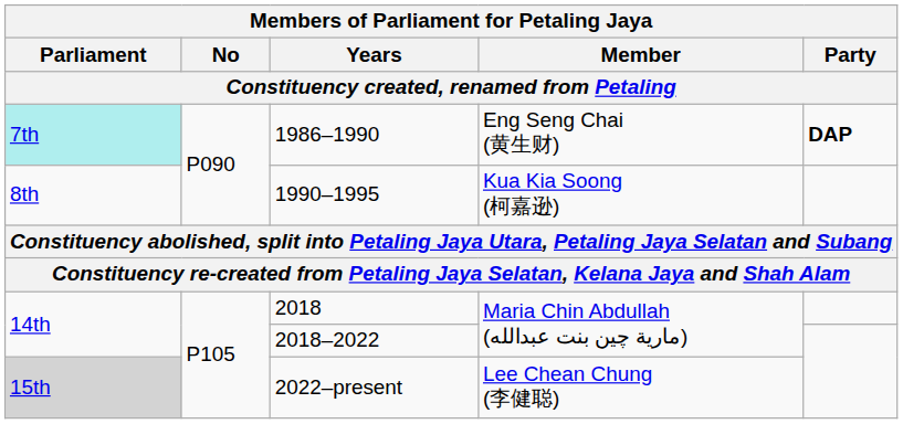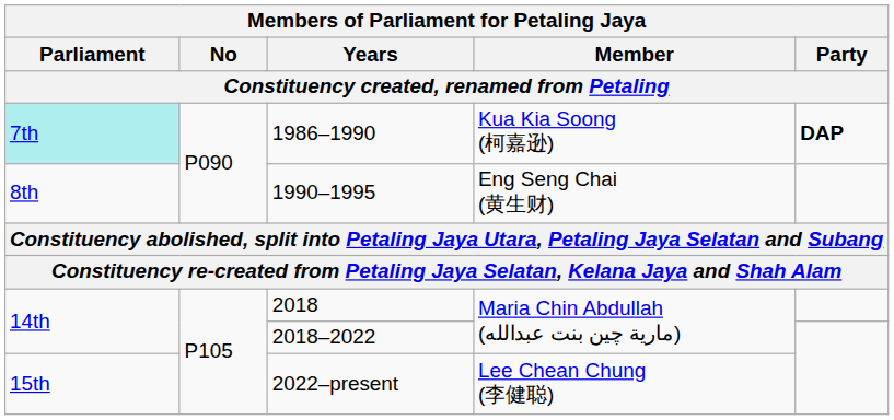 <table class=wikitable>
 <tr>
 <th colspan="5">Members of Parliament for Petaling Jaya</th>
 </tr>
 <tr>
 <th>Parliament</th>
 <th>No</th>
 <th>Years</th>
 <th>Member</th>
 <th>Party</th>
 </tr>
 <tr>
 <th colspan="5" align="center"><em>Constituency created, renamed from <a href='#'>Petaling</a></em></th>
 </tr>
 <tr>
 <td style="background: paleturquoise;"><a href='#'>7th</a></td>
 <td rowspan="2">P090</td>
 <td>1986–1990</td>
-<td>Eng Seng Chai <br> (黄生财)</td>
+<td><a href='#'>Kua Kia Soong</a> <br> (柯嘉逊)</td>
 <td><strong>DAP</strong></td>
 </tr>
 <tr>
 <td><a href='#'>8th</a></td>
 <td>1990–1995</td>
-<td><a href='#'>Kua Kia Soong</a> <br> (柯嘉逊)</td>
+<td>Eng Seng Chai <br> (黄生财)</td>
 <td bgcolor=></td>
 </tr>
 <tr>
 <th colspan="5" align="center"><em>Constituency abolished, split into <a href='#'>Petaling Jaya Utara</a>, <a href='#'>Petaling Jaya Selatan</a> and <a href='#'>Subang</a></em></th>
 </tr>
 <tr>
 <th colspan="5" align="center"><em>Constituency re-created from <a href='#'>Petaling Jaya Selatan</a>, <a href='#'>Kelana Jaya</a> and <a href='#'>Shah Alam</a></em></th>
 </tr>
 <tr>
 <td rowspan="2"><a href='#'>14th</a></td>
 <td rowspan="3">P105</td>
 <td>2018</td>
 <td rowspan="2"><a href='#'>Maria Chin Abdullah</a> <br> (مارية چين بنت عبدالله)</td>
 <td></td>
 </tr>
 <tr>
 <td>2018–2022</td>
 <td rowspan="2"></td>
 </tr>
 <tr>
-<td style="background: lightgrey;"><a href='#'>15th</a></td>
+<td><a href='#'>15th</a></td>
 <td>2022–present</td>
 <td><a href='#'>Lee Chean Chung</a> <br> (李健聪)</td>
 </tr>
 </table>
